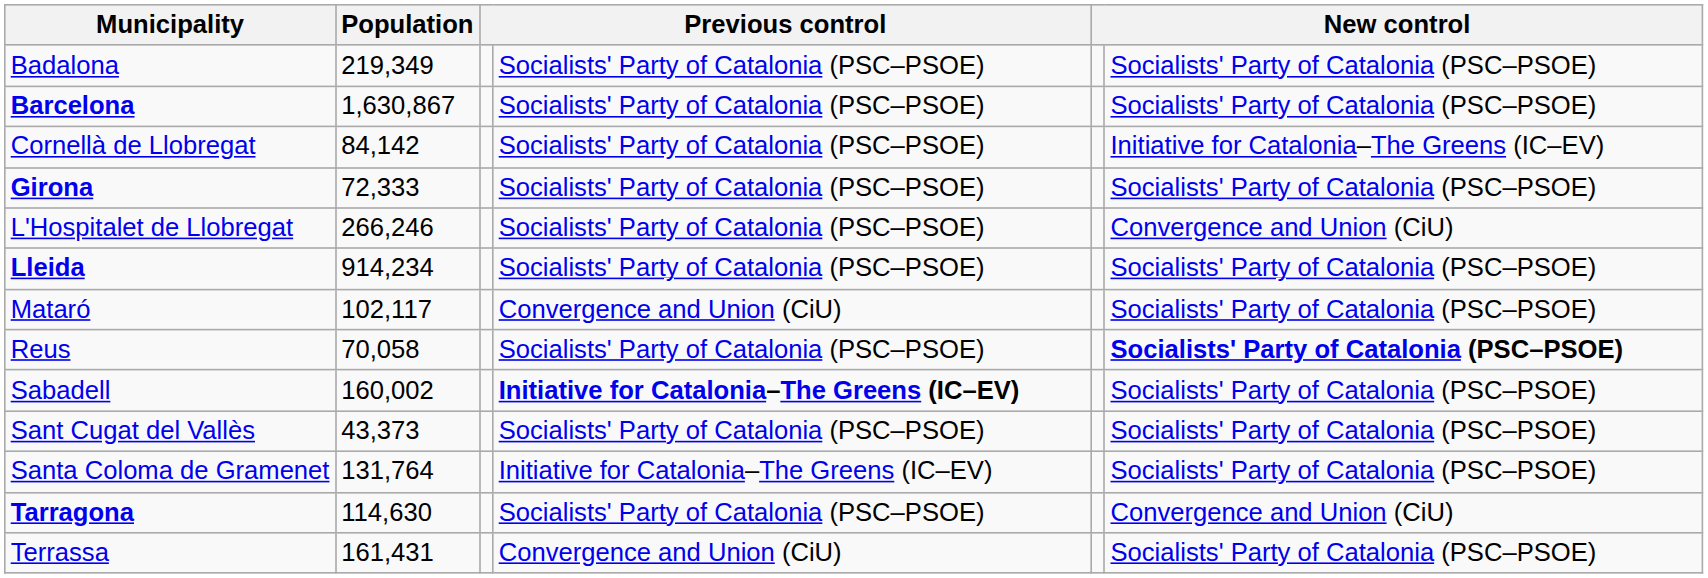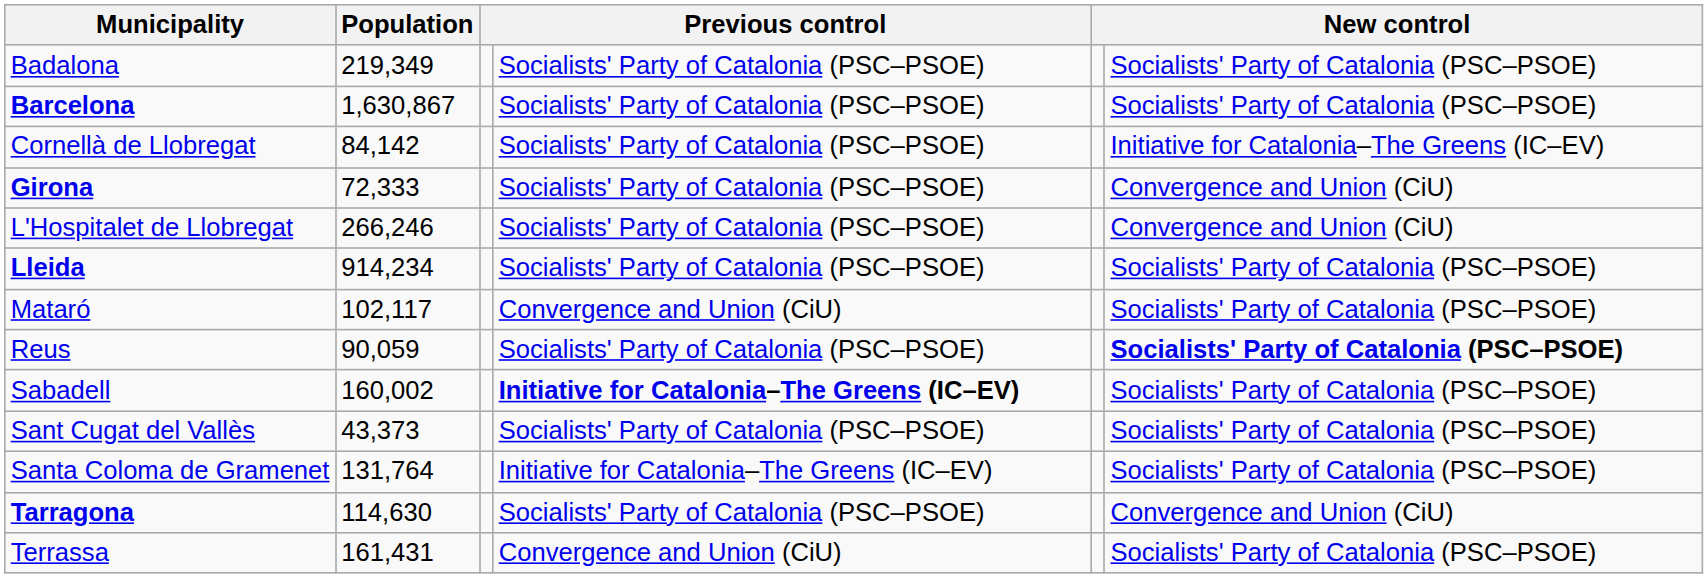 <table class="wikitable sortable">
 <tr>
 <th>Municipality</th>
 <th>Population</th>
 <th colspan="2" style="width:375px;">Previous control</th>
 <th colspan="2" style="width:375px;">New control</th>
 </tr>
 <tr>
 <td><a href='#'>Badalona</a></td>
 <td>219,349</td>
 <td width="1" style="color:inherit;background:"></td>
 <td><a href='#'>Socialists' Party of Catalonia</a> (PSC–PSOE)</td>
 <td width="1" style="color:inherit;background:"></td>
 <td><a href='#'>Socialists' Party of Catalonia</a> (PSC–PSOE)</td>
 </tr>
 <tr>
 <td><strong><a href='#'>Barcelona</a></strong></td>
 <td>1,630,867</td>
 <td style="color:inherit;background:"></td>
 <td><a href='#'>Socialists' Party of Catalonia</a> (PSC–PSOE)</td>
 <td style="color:inherit;background:"></td>
 <td><a href='#'>Socialists' Party of Catalonia</a> (PSC–PSOE)</td>
 </tr>
 <tr>
 <td><a href='#'>Cornellà de Llobregat</a></td>
 <td>84,142</td>
 <td style="color:inherit;background:"></td>
 <td><a href='#'>Socialists' Party of Catalonia</a> (PSC–PSOE)</td>
 <td style="color:inherit;background:"></td>
 <td><a href='#'>Initiative for Catalonia</a>–<a href='#'>The Greens</a> (IC–EV)</td>
 </tr>
 <tr>
 <td><strong><a href='#'>Girona</a></strong></td>
 <td>72,333</td>
 <td style="color:inherit;background:"></td>
 <td><a href='#'>Socialists' Party of Catalonia</a> (PSC–PSOE)</td>
 <td style="color:inherit;background:"></td>
-<td><a href='#'>Socialists' Party of Catalonia</a> (PSC–PSOE)</td>
+<td><a href='#'>Convergence and Union</a> (CiU)</td>
 </tr>
 <tr>
 <td><a href='#'>L'Hospitalet de Llobregat</a></td>
 <td>266,246</td>
 <td style="color:inherit;background:"></td>
 <td><a href='#'>Socialists' Party of Catalonia</a> (PSC–PSOE)</td>
 <td style="color:inherit;background:"></td>
 <td><a href='#'>Convergence and Union</a> (CiU)</td>
 </tr>
 <tr>
 <td><strong><a href='#'>Lleida</a></strong></td>
 <td>914,234</td>
 <td style="color:inherit;background:"></td>
 <td><a href='#'>Socialists' Party of Catalonia</a> (PSC–PSOE)</td>
 <td style="color:inherit;background:"></td>
 <td><a href='#'>Socialists' Party of Catalonia</a> (PSC–PSOE)</td>
 </tr>
 <tr>
 <td><a href='#'>Mataró</a></td>
 <td>102,117</td>
 <td style="color:inherit;background:"></td>
 <td><a href='#'>Convergence and Union</a> (CiU)</td>
 <td style="color:inherit;background:"></td>
 <td><a href='#'>Socialists' Party of Catalonia</a> (PSC–PSOE)</td>
 </tr>
 <tr>
 <td><a href='#'>Reus</a></td>
-<td>70,058</td>
+<td>90,059</td>
 <td style="color:inherit;background:"></td>
 <td><a href='#'>Socialists' Party of Catalonia</a> (PSC–PSOE)</td>
 <td style="color:inherit;background:"></td>
 <td><strong><a href='#'>Socialists' Party of Catalonia</a> (PSC–PSOE)</strong></td>
 </tr>
 <tr>
 <td><a href='#'>Sabadell</a></td>
 <td>160,002</td>
 <td style="color:inherit;background:"></td>
 <td><strong><a href='#'>Initiative for Catalonia</a>–<a href='#'>The Greens</a> (IC–EV)</strong></td>
 <td style="color:inherit;background:"></td>
 <td><a href='#'>Socialists' Party of Catalonia</a> (PSC–PSOE)</td>
 </tr>
 <tr>
 <td><a href='#'>Sant Cugat del Vallès</a></td>
 <td>43,373</td>
 <td style="color:inherit;background:"></td>
 <td><a href='#'>Socialists' Party of Catalonia</a> (PSC–PSOE)</td>
 <td style="color:inherit;background:"></td>
 <td><a href='#'>Socialists' Party of Catalonia</a> (PSC–PSOE)</td>
 </tr>
 <tr>
 <td><a href='#'>Santa Coloma de Gramenet</a></td>
 <td>131,764</td>
 <td style="color:inherit;background:"></td>
 <td><a href='#'>Initiative for Catalonia</a>–<a href='#'>The Greens</a> (IC–EV)</td>
 <td style="color:inherit;background:"></td>
 <td><a href='#'>Socialists' Party of Catalonia</a> (PSC–PSOE)</td>
 </tr>
 <tr>
 <td><strong><a href='#'>Tarragona</a></strong></td>
 <td>114,630</td>
 <td style="color:inherit;background:"></td>
 <td><a href='#'>Socialists' Party of Catalonia</a> (PSC–PSOE)</td>
 <td style="color:inherit;background:"></td>
 <td><a href='#'>Convergence and Union</a> (CiU)</td>
 </tr>
 <tr>
 <td><a href='#'>Terrassa</a></td>
 <td>161,431</td>
 <td style="color:inherit;background:"></td>
 <td><a href='#'>Convergence and Union</a> (CiU)</td>
 <td style="color:inherit;background:"></td>
 <td><a href='#'>Socialists' Party of Catalonia</a> (PSC–PSOE)</td>
 </tr>
 </table>
